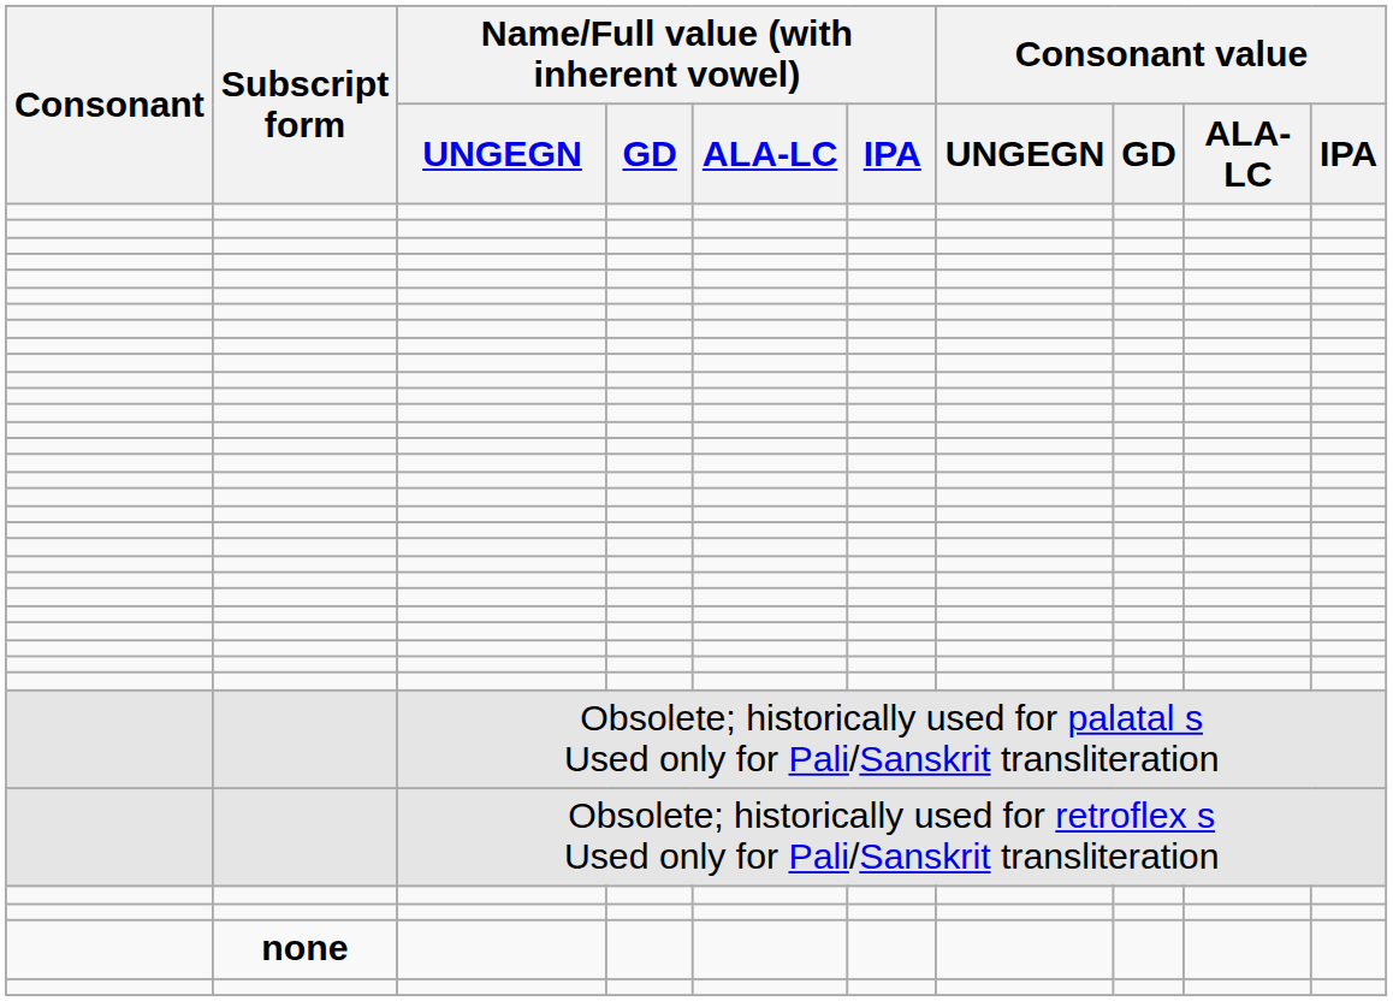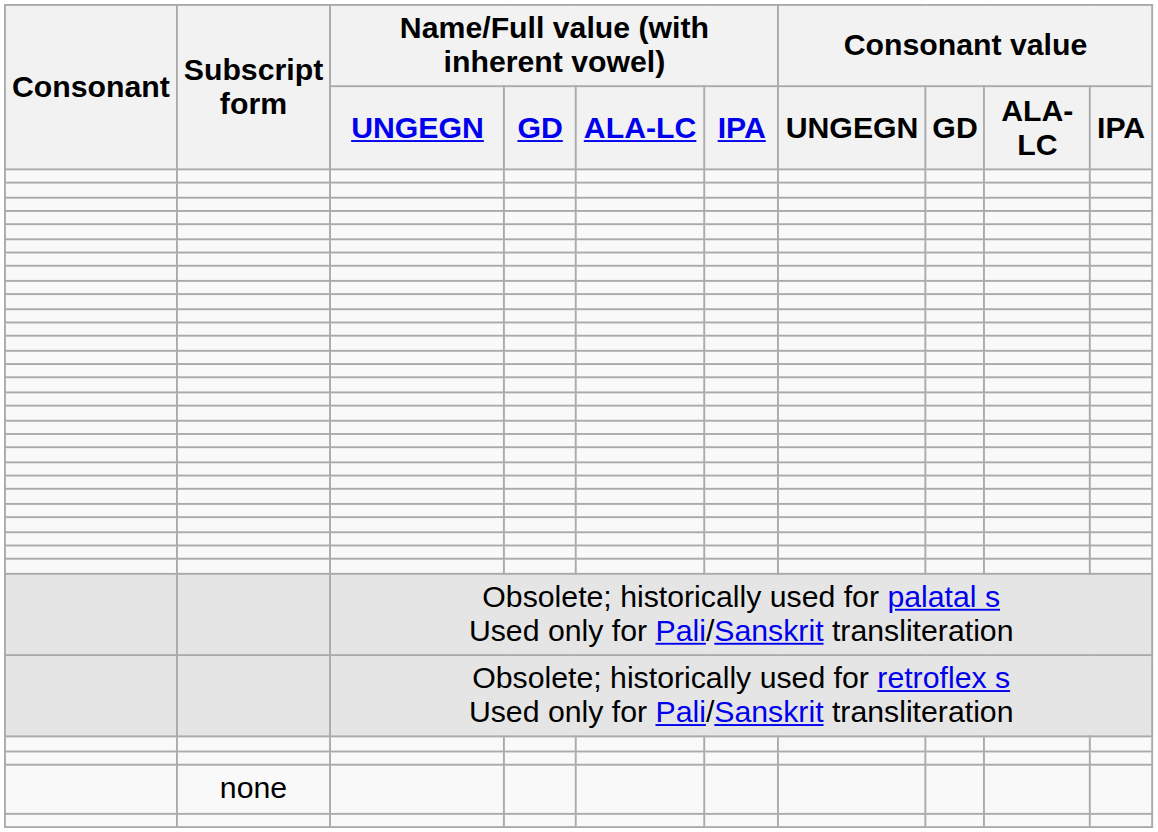 <table class="wikitable" style="text-align: center">
 <tr>
 <th rowspan="2">Consonant</th>
 <th rowspan="2">Subscript <br>form</th>
 <th colspan="4">Name/Full value (with inherent vowel)</th>
 <th colspan="4">Consonant value</th>
 </tr>
 <tr>
 <th><a href='#'>UNGEGN</a></th>
 <th><a href='#'>GD</a></th>
 <th><a href='#'>ALA-LC</a></th>
 <th><a href='#'>IPA</a></th>
 <th>UNGEGN</th>
 <th>GD</th>
 <th>ALA-LC</th>
 <th>IPA</th>
 </tr>
 <tr>
 <td><big></big></td>
 <td><big></big></td>
 <td></td>
 <td></td>
 <td></td>
 <td></td>
 <td></td>
 <td></td>
 <td></td>
 <td></td>
 </tr>
 <tr>
 <td><big></big></td>
 <td><big></big></td>
 <td></td>
 <td></td>
 <td></td>
 <td></td>
 <td></td>
 <td></td>
 <td></td>
 <td></td>
 </tr>
 <tr>
 <td><big></big></td>
 <td><big></big></td>
 <td></td>
 <td></td>
 <td></td>
 <td></td>
 <td></td>
 <td></td>
 <td></td>
 <td></td>
 </tr>
 <tr>
 <td><big></big></td>
 <td><big></big></td>
 <td></td>
 <td></td>
 <td></td>
 <td></td>
 <td></td>
 <td></td>
 <td></td>
 <td></td>
 </tr>
 <tr>
 <td><big></big></td>
 <td><big></big></td>
 <td></td>
 <td></td>
 <td></td>
 <td></td>
 <td></td>
 <td></td>
 <td></td>
 <td></td>
 </tr>
 <tr>
 <td><big></big></td>
 <td><big></big></td>
 <td></td>
 <td></td>
 <td></td>
 <td></td>
 <td></td>
 <td></td>
 <td></td>
 <td></td>
 </tr>
 <tr>
 <td><big></big></td>
 <td><big></big></td>
 <td></td>
 <td></td>
 <td></td>
 <td></td>
 <td></td>
 <td></td>
 <td></td>
 <td></td>
 </tr>
 <tr>
 <td><big></big></td>
 <td><big></big></td>
 <td></td>
 <td></td>
 <td></td>
 <td></td>
 <td></td>
 <td></td>
 <td></td>
 <td></td>
 </tr>
 <tr>
 <td><big></big></td>
 <td><big></big></td>
 <td></td>
 <td></td>
 <td></td>
 <td></td>
 <td></td>
 <td></td>
 <td></td>
 <td></td>
 </tr>
 <tr>
 <td><big></big></td>
 <td><big></big></td>
 <td></td>
 <td></td>
 <td></td>
 <td></td>
 <td></td>
 <td></td>
 <td></td>
 <td></td>
 </tr>
 <tr>
 <td><big></big></td>
 <td><big></big></td>
 <td></td>
 <td></td>
 <td></td>
 <td></td>
 <td></td>
 <td></td>
 <td></td>
 <td></td>
 </tr>
 <tr>
 <td><big></big></td>
 <td><big></big></td>
 <td></td>
 <td></td>
 <td></td>
 <td></td>
 <td></td>
 <td></td>
 <td></td>
 <td></td>
 </tr>
 <tr>
 <td><big></big></td>
 <td><big></big></td>
 <td></td>
 <td></td>
 <td></td>
 <td></td>
 <td></td>
 <td></td>
 <td></td>
 <td></td>
 </tr>
 <tr>
 <td><big></big></td>
 <td><big></big></td>
 <td></td>
 <td></td>
 <td></td>
 <td></td>
 <td></td>
 <td></td>
 <td></td>
 <td></td>
 </tr>
 <tr>
 <td><big></big></td>
 <td><big></big></td>
 <td></td>
 <td></td>
 <td></td>
 <td></td>
 <td></td>
 <td></td>
 <td></td>
 <td></td>
 </tr>
 <tr>
 <td><big></big></td>
 <td><big></big></td>
 <td></td>
 <td></td>
 <td></td>
 <td></td>
 <td></td>
 <td></td>
 <td></td>
 <td></td>
 </tr>
 <tr>
 <td><big></big></td>
 <td><big></big></td>
 <td></td>
 <td></td>
 <td></td>
 <td></td>
 <td></td>
 <td></td>
 <td></td>
 <td></td>
 </tr>
 <tr>
 <td><big></big></td>
 <td><big></big></td>
 <td></td>
 <td></td>
 <td></td>
 <td></td>
 <td></td>
 <td></td>
 <td></td>
 <td></td>
 </tr>
 <tr>
 <td><big></big></td>
 <td><big></big></td>
 <td></td>
 <td></td>
 <td></td>
 <td></td>
 <td></td>
 <td></td>
 <td></td>
 <td></td>
 </tr>
 <tr>
 <td><big></big></td>
 <td><big></big></td>
 <td></td>
 <td></td>
 <td></td>
 <td></td>
 <td></td>
 <td></td>
 <td></td>
 <td></td>
 </tr>
 <tr>
 <td><big></big></td>
 <td><big></big></td>
 <td></td>
 <td></td>
 <td></td>
 <td></td>
 <td></td>
 <td></td>
 <td></td>
 <td></td>
 </tr>
 <tr>
 <td><big></big></td>
 <td><big></big></td>
 <td></td>
 <td></td>
 <td></td>
 <td></td>
 <td></td>
 <td></td>
 <td></td>
 <td></td>
 </tr>
 <tr>
 <td><big></big></td>
 <td><big></big></td>
 <td></td>
 <td></td>
 <td></td>
 <td></td>
 <td></td>
 <td></td>
 <td></td>
 <td></td>
 </tr>
 <tr>
 <td><big></big></td>
 <td><big></big></td>
 <td></td>
 <td></td>
 <td></td>
 <td></td>
 <td></td>
 <td></td>
 <td></td>
 <td></td>
 </tr>
 <tr>
 <td><big></big></td>
 <td><big></big></td>
 <td></td>
 <td></td>
 <td></td>
 <td></td>
 <td></td>
 <td></td>
 <td></td>
 <td></td>
 </tr>
 <tr>
 <td><big></big></td>
 <td><big></big></td>
 <td></td>
 <td></td>
 <td></td>
 <td></td>
 <td></td>
 <td></td>
 <td></td>
 <td></td>
 </tr>
 <tr>
 <td><big></big></td>
 <td><big></big></td>
 <td></td>
 <td></td>
 <td></td>
 <td></td>
 <td></td>
 <td></td>
 <td></td>
 <td></td>
 </tr>
 <tr>
 <td><big> </big></td>
 <td><big></big></td>
 <td></td>
 <td></td>
 <td></td>
 <td></td>
 <td></td>
 <td></td>
 <td></td>
 <td></td>
 </tr>
 <tr>
 <td><big></big></td>
 <td><big></big></td>
 <td></td>
 <td></td>
 <td></td>
 <td></td>
 <td></td>
 <td></td>
 <td></td>
 <td></td>
 </tr>
 <tr>
 <td bgcolor="#E5E5E5"><big></big></td>
 <td bgcolor="#E5E5E5"><big></big></td>
 <td colspan="8" bgcolor="#E5E5E5">Obsolete; historically used for <a href='#'>palatal s</a><br>Used only for <a href='#'>Pali</a>/<a href='#'>Sanskrit</a> transliteration</td>
 </tr>
 <tr>
 <td bgcolor="#E5E5E5"><big></big></td>
 <td bgcolor="#E5E5E5"><big></big></td>
 <td colspan="8" bgcolor="#E5E5E5">Obsolete; historically used for <a href='#'>retroflex s</a><br>Used only for <a href='#'>Pali</a>/<a href='#'>Sanskrit</a> transliteration</td>
 </tr>
 <tr>
 <td><big></big></td>
 <td><big></big></td>
 <td></td>
 <td></td>
 <td></td>
 <td></td>
 <td></td>
 <td></td>
 <td></td>
 <td></td>
 </tr>
 <tr>
 <td><big></big></td>
 <td><big></big></td>
 <td></td>
 <td></td>
 <td></td>
 <td></td>
 <td></td>
 <td></td>
 <td></td>
 <td></td>
 </tr>
 <tr>
 <td><big></big></td>
-<td><strong>none</strong></td>
+<td>none</td>
 <td></td>
 <td></td>
 <td></td>
 <td></td>
 <td></td>
 <td></td>
 <td></td>
 <td></td>
 </tr>
 <tr>
 <td><big></big></td>
 <td><big></big></td>
 <td></td>
 <td></td>
 <td></td>
 <td></td>
 <td></td>
 <td></td>
 <td></td>
 <td></td>
 </tr>
 </table>
